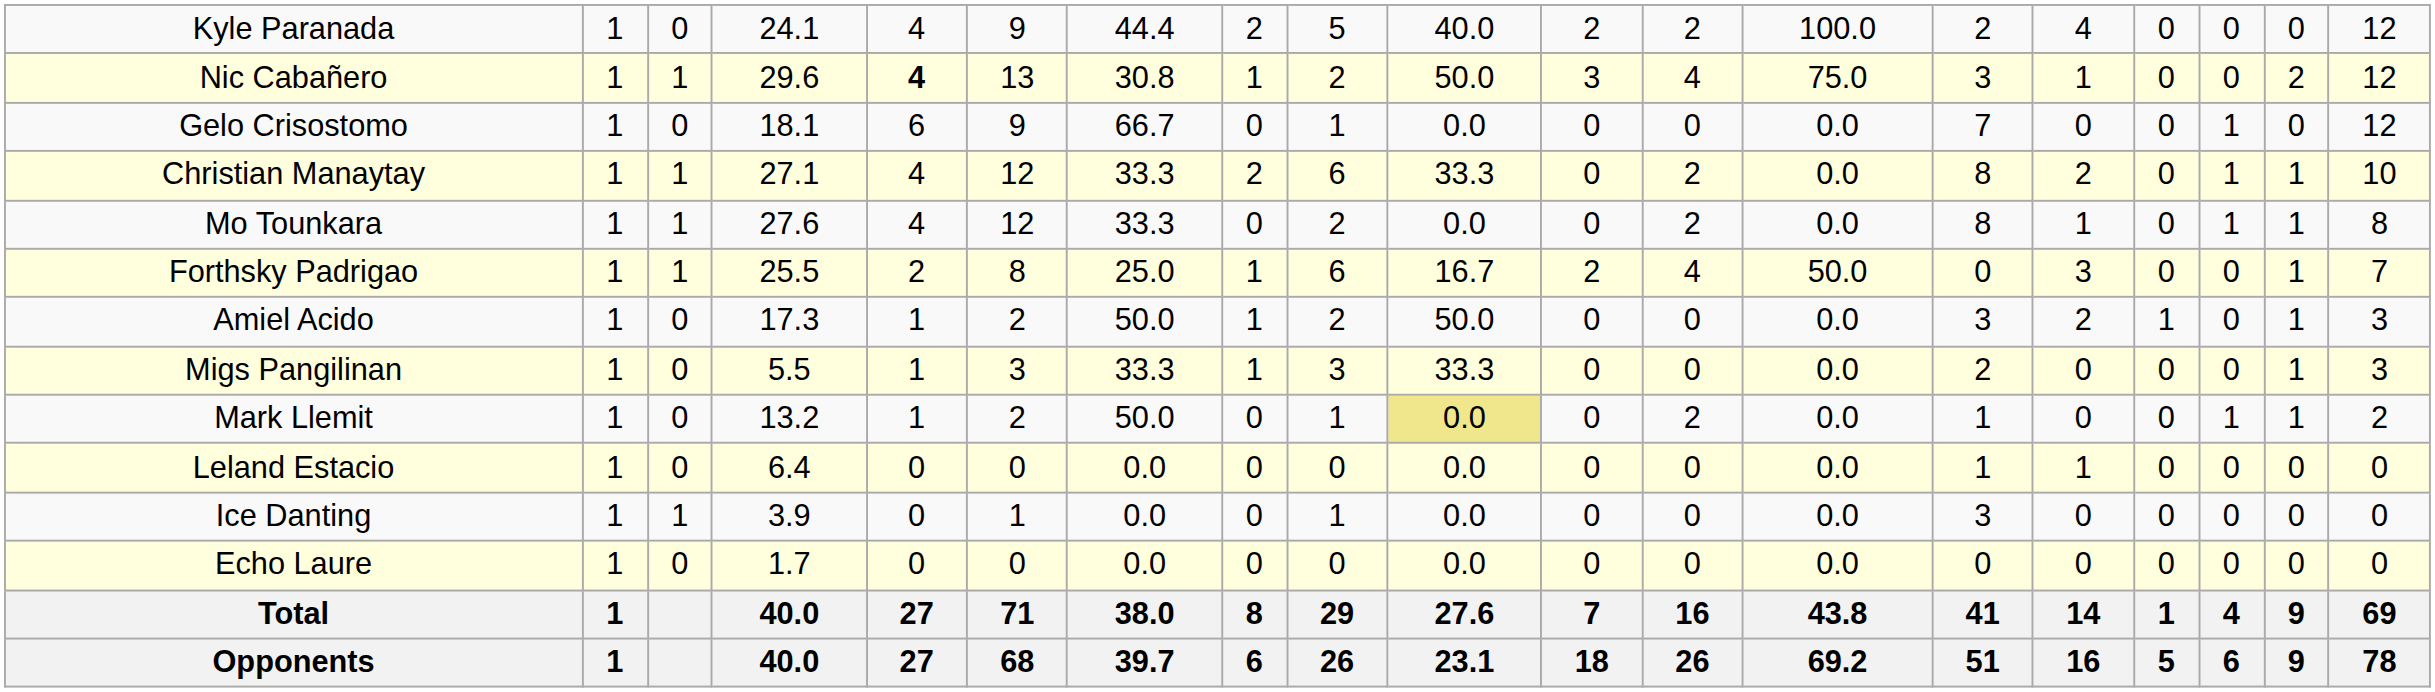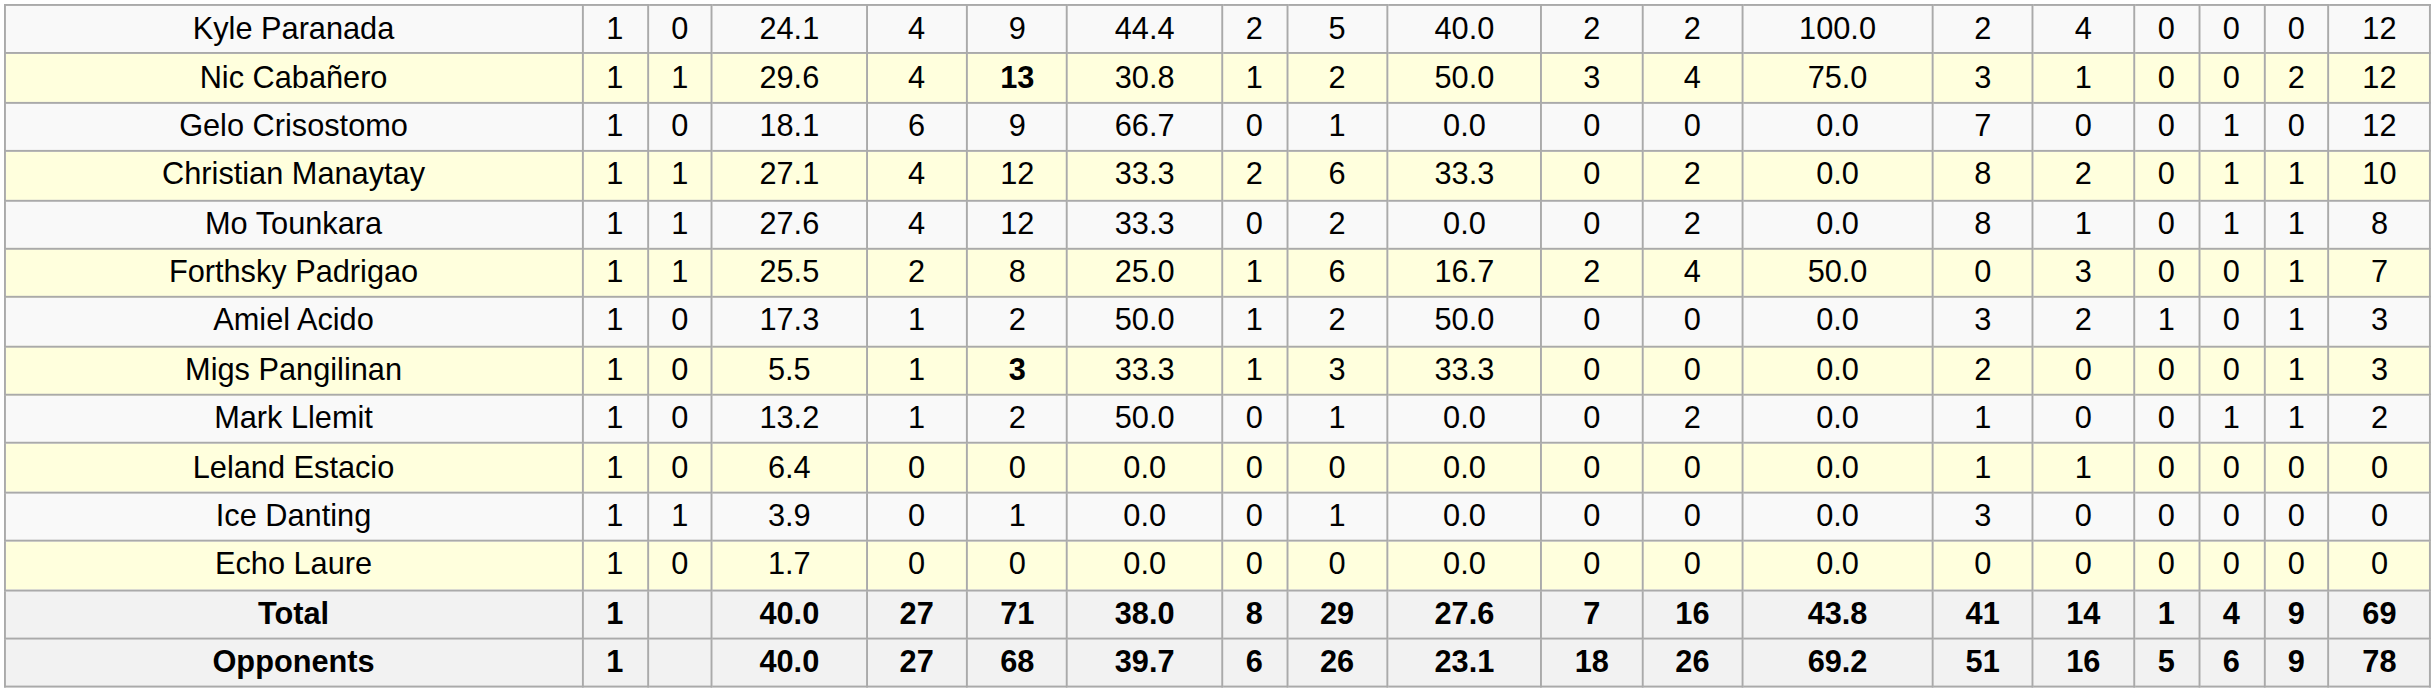 <table class=wikitable width=100%>
 <tr align=center>
 <td>Kyle Paranada</td>
 <td>1</td>
 <td>0</td>
 <td>24.1</td>
 <td>4</td>
 <td>9</td>
 <td>44.4</td>
 <td style=>2</td>
 <td>5</td>
 <td>40.0</td>
 <td>2</td>
 <td>2</td>
 <td style=>100.0</td>
 <td>2</td>
 <td style=>4</td>
 <td>0</td>
 <td>0</td>
 <td>0</td>
 <td style=>12</td>
 </tr>
 <tr bgcolor=#ffffdd align=center>
 <td>Nic Cabañero</td>
 <td>1</td>
 <td>1</td>
 <td style=>29.6</td>
-<td><strong>4</strong></td>
-<td style=>13</td>
+<td>4</td>
+<td style=><strong>13</strong></td>
 <td>30.8</td>
 <td>1</td>
 <td>2</td>
 <td style=>50.0</td>
 <td style=>3</td>
 <td style=>4</td>
 <td>75.0</td>
 <td>3</td>
 <td>1</td>
 <td>0</td>
 <td>0</td>
 <td>2</td>
 <td style=>12</td>
 </tr>
 <tr align=center>
 <td>Gelo Crisostomo</td>
 <td>1</td>
 <td>0</td>
 <td>18.1</td>
 <td style=>6</td>
 <td>9</td>
 <td style=>66.7</td>
 <td>0</td>
 <td>1</td>
 <td>0.0</td>
 <td>0</td>
 <td>0</td>
 <td>0.0</td>
 <td>7</td>
 <td>0</td>
 <td>0</td>
 <td style=>1</td>
 <td>0</td>
 <td style=>12</td>
 </tr>
 <tr bgcolor=#ffffdd align=center>
 <td>Christian Manaytay</td>
 <td>1</td>
 <td>1</td>
 <td>27.1</td>
 <td>4</td>
 <td>12</td>
 <td>33.3</td>
 <td style=>2</td>
 <td style=>6</td>
 <td>33.3</td>
 <td>0</td>
 <td>2</td>
 <td>0.0</td>
 <td style=>8</td>
 <td>2</td>
 <td>0</td>
 <td style=>1</td>
 <td>1</td>
 <td>10</td>
 </tr>
 <tr align=center>
 <td>Mo Tounkara</td>
 <td>1</td>
 <td>1</td>
 <td>27.6</td>
 <td>4</td>
 <td>12</td>
 <td>33.3</td>
 <td>0</td>
 <td>2</td>
 <td>0.0</td>
 <td>0</td>
 <td>2</td>
 <td>0.0</td>
 <td style=>8</td>
 <td>1</td>
 <td>0</td>
 <td style=>1</td>
 <td>1</td>
 <td>8</td>
 </tr>
 <tr bgcolor=#ffffdd align=center>
 <td>Forthsky Padrigao</td>
 <td>1</td>
 <td>1</td>
 <td>25.5</td>
 <td>2</td>
 <td>8</td>
 <td>25.0</td>
 <td>1</td>
 <td style=>6</td>
 <td>16.7</td>
 <td>2</td>
 <td style=>4</td>
 <td>50.0</td>
 <td>0</td>
 <td>3</td>
 <td>0</td>
 <td>0</td>
 <td>1</td>
 <td>7</td>
 </tr>
 <tr align=center>
 <td>Amiel Acido</td>
 <td>1</td>
 <td>0</td>
 <td>17.3</td>
 <td>1</td>
 <td>2</td>
 <td>50.0</td>
 <td>1</td>
 <td>2</td>
 <td style=>50.0</td>
 <td>0</td>
 <td>0</td>
 <td>0.0</td>
 <td>3</td>
 <td>2</td>
 <td style=>1</td>
 <td>0</td>
 <td>1</td>
 <td>3</td>
 </tr>
 <tr bgcolor=#ffffdd align=center>
 <td>Migs Pangilinan</td>
 <td>1</td>
 <td>0</td>
 <td>5.5</td>
 <td>1</td>
-<td>3</td>
+<td><strong>3</strong></td>
 <td>33.3</td>
 <td>1</td>
 <td>3</td>
 <td>33.3</td>
 <td>0</td>
 <td>0</td>
 <td>0.0</td>
 <td>2</td>
 <td>0</td>
 <td>0</td>
 <td>0</td>
 <td>1</td>
 <td>3</td>
 </tr>
 <tr align=center>
 <td>Mark Llemit</td>
 <td>1</td>
 <td>0</td>
 <td>13.2</td>
 <td>1</td>
 <td>2</td>
 <td>50.0</td>
 <td>0</td>
 <td>1</td>
-<td style="background: khaki;">0.0</td>
+<td>0.0</td>
 <td>0</td>
 <td>2</td>
 <td>0.0</td>
 <td>1</td>
 <td>0</td>
 <td>0</td>
 <td style=>1</td>
 <td>1</td>
 <td>2</td>
 </tr>
 <tr bgcolor=#ffffdd align=center>
 <td>Leland Estacio</td>
 <td>1</td>
 <td>0</td>
 <td>6.4</td>
 <td>0</td>
 <td>0</td>
 <td>0.0</td>
 <td>0</td>
 <td>0</td>
 <td>0.0</td>
 <td>0</td>
 <td>0</td>
 <td>0.0</td>
 <td>1</td>
 <td>1</td>
 <td>0</td>
 <td>0</td>
 <td>0</td>
 <td>0</td>
 </tr>
 <tr align=center>
 <td>Ice Danting</td>
 <td>1</td>
 <td>1</td>
 <td>3.9</td>
 <td>0</td>
 <td>1</td>
 <td>0.0</td>
 <td>0</td>
 <td>1</td>
 <td>0.0</td>
 <td>0</td>
 <td>0</td>
 <td>0.0</td>
 <td>3</td>
 <td>0</td>
 <td>0</td>
 <td>0</td>
 <td>0</td>
 <td>0</td>
 </tr>
 <tr bgcolor=#ffffdd align=center>
 <td>Echo Laure</td>
 <td>1</td>
 <td>0</td>
 <td>1.7</td>
 <td>0</td>
 <td>0</td>
 <td>0.0</td>
 <td>0</td>
 <td>0</td>
 <td>0.0</td>
 <td>0</td>
 <td>0</td>
 <td>0.0</td>
 <td>0</td>
 <td>0</td>
 <td>0</td>
 <td>0</td>
 <td>0</td>
 <td>0</td>
 </tr>
 <tr class=sortbottom>
 <th>Total</th>
 <th>1</th>
 <th></th>
 <th>40.0</th>
 <th>27</th>
 <th>71</th>
 <th>38.0</th>
 <th>8</th>
 <th>29</th>
 <th>27.6</th>
 <th>7</th>
 <th>16</th>
 <th>43.8</th>
 <th>41</th>
 <th>14</th>
 <th>1</th>
 <th>4</th>
 <th>9</th>
 <th>69</th>
 </tr>
 <tr class=sortbottom>
 <th>Opponents</th>
 <th>1</th>
 <th></th>
 <th>40.0</th>
 <th>27</th>
 <th>68</th>
 <th>39.7</th>
 <th>6</th>
 <th>26</th>
 <th>23.1</th>
 <th>18</th>
 <th>26</th>
 <th>69.2</th>
 <th>51</th>
 <th>16</th>
 <th>5</th>
 <th>6</th>
 <th>9</th>
 <th>78</th>
 </tr>
 </table>
